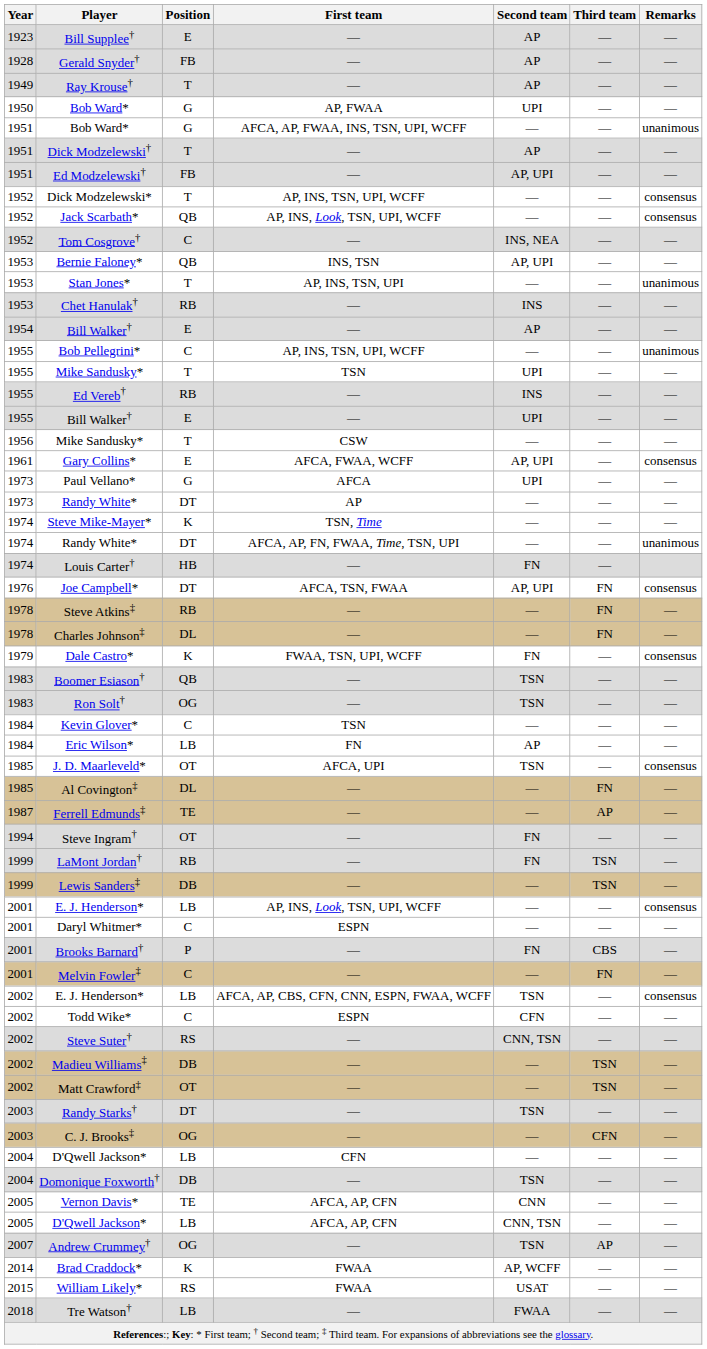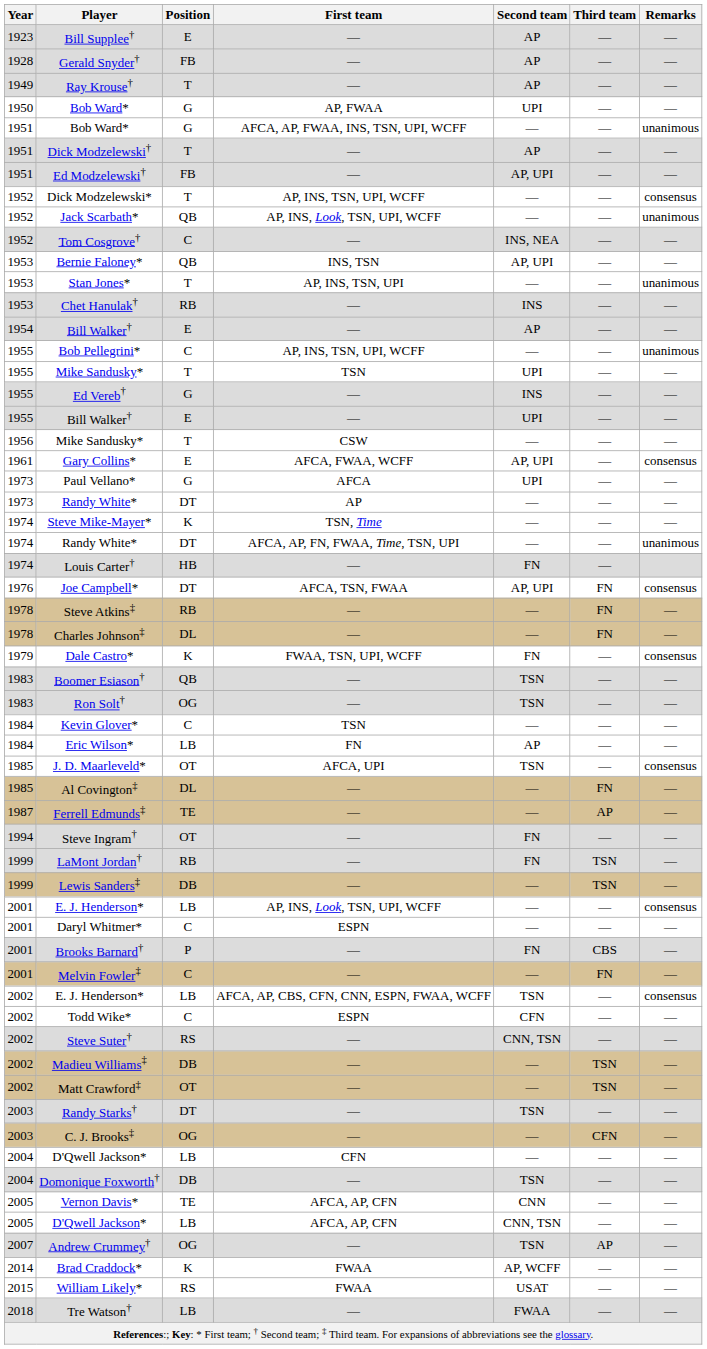 <table class="wikitable" style="text-align:center;">
 <tr>
 <th>Year</th>
 <th>Player</th>
 <th>Position</th>
 <th>First team</th>
 <th>Second team</th>
 <th>Third team</th>
 <th>Remarks</th>
 </tr>
 <tr style="background: #dcdcdc;">
 <td>1923</td>
 <td><a href='#'>Bill Supplee</a><sup>†</sup></td>
 <td>E</td>
 <td>—</td>
 <td>AP</td>
 <td>—</td>
 <td>—</td>
 </tr>
 <tr style="background: #dcdcdc;">
 <td>1928</td>
 <td><a href='#'>Gerald Snyder</a><sup>†</sup></td>
 <td>FB</td>
 <td>—</td>
 <td>AP</td>
 <td>—</td>
 <td>—</td>
 </tr>
 <tr style="background: #dcdcdc;">
 <td>1949</td>
 <td><a href='#'>Ray Krouse</a><sup>†</sup></td>
 <td>T</td>
 <td>—</td>
 <td>AP</td>
 <td>—</td>
 <td>—</td>
 </tr>
 <tr style="background: #ffffff;">
 <td>1950</td>
 <td><a href='#'>Bob Ward</a>*</td>
 <td>G</td>
 <td>AP, FWAA</td>
 <td>UPI</td>
 <td>—</td>
 <td>—</td>
 </tr>
 <tr style="background: #ffffff;">
 <td>1951</td>
 <td>Bob Ward*</td>
 <td>G</td>
 <td>AFCA, AP, FWAA, INS, TSN, UPI, WCFF</td>
 <td>—</td>
 <td>—</td>
 <td>unanimous</td>
 </tr>
 <tr style="background: #dcdcdc;">
 <td>1951</td>
 <td><a href='#'>Dick Modzelewski</a><sup>†</sup></td>
 <td>T</td>
 <td>—</td>
 <td>AP</td>
 <td>—</td>
 <td>—</td>
 </tr>
 <tr style="background: #dcdcdc;">
 <td>1951</td>
 <td><a href='#'>Ed Modzelewski</a><sup>†</sup></td>
 <td>FB</td>
 <td>—</td>
 <td>AP, UPI</td>
 <td>—</td>
 <td>—</td>
 </tr>
 <tr style="background: #ffffff;">
 <td>1952</td>
 <td>Dick Modzelewski*</td>
 <td>T</td>
 <td>AP, INS, TSN, UPI, WCFF</td>
 <td>—</td>
 <td>—</td>
 <td>consensus</td>
 </tr>
 <tr style="background: #ffffff;">
 <td>1952</td>
 <td><a href='#'>Jack Scarbath</a>*</td>
 <td>QB</td>
 <td>AP, INS, <em><a href='#'>Look</a></em>, TSN, UPI, WCFF </td>
 <td>—</td>
 <td>—</td>
-<td>consensus</td>
+<td>unanimous</td>
 </tr>
 <tr style="background: #dcdcdc;">
 <td>1952</td>
 <td><a href='#'>Tom Cosgrove</a><sup>†</sup></td>
 <td>C</td>
 <td>—</td>
 <td>INS, NEA</td>
 <td>—</td>
 <td>—</td>
 </tr>
 <tr style="background: #ffffff;">
 <td>1953</td>
 <td><a href='#'>Bernie Faloney</a>*</td>
 <td>QB</td>
 <td>INS, TSN</td>
 <td>AP, UPI</td>
 <td>—</td>
 <td>—</td>
 </tr>
 <tr style="background: #ffffff;">
 <td>1953</td>
 <td><a href='#'>Stan Jones</a>*</td>
 <td>T</td>
 <td>AP, INS, TSN, UPI</td>
 <td>—</td>
 <td>—</td>
 <td>unanimous</td>
 </tr>
 <tr style="background: #dcdcdc;">
 <td>1953</td>
 <td><a href='#'>Chet Hanulak</a><sup>†</sup></td>
 <td>RB</td>
 <td>—</td>
 <td>INS</td>
 <td>—</td>
 <td>—</td>
 </tr>
 <tr style="background: #dcdcdc;">
 <td>1954</td>
 <td><a href='#'>Bill Walker</a><sup>†</sup></td>
 <td>E</td>
 <td>—</td>
 <td>AP</td>
 <td>—</td>
 <td>—</td>
 </tr>
 <tr style="background: #ffffff;">
 <td>1955</td>
 <td><a href='#'>Bob Pellegrini</a>*</td>
 <td>C</td>
 <td>AP, INS, TSN, UPI, WCFF</td>
 <td>—</td>
 <td>—</td>
 <td>unanimous</td>
 </tr>
 <tr style="background: #ffffff;">
 <td>1955</td>
 <td><a href='#'>Mike Sandusky</a>*</td>
 <td>T</td>
 <td>TSN</td>
 <td>UPI</td>
 <td>—</td>
 <td>—</td>
 </tr>
 <tr style="background: #dcdcdc;">
 <td>1955</td>
 <td><a href='#'>Ed Vereb</a><sup>†</sup></td>
-<td>RB</td>
+<td>G</td>
 <td>—</td>
 <td>INS</td>
 <td>—</td>
 <td>—</td>
 </tr>
 <tr style="background: #dcdcdc;">
 <td>1955</td>
 <td>Bill Walker<sup>†</sup></td>
 <td>E</td>
 <td>—</td>
 <td>UPI</td>
 <td>—</td>
 <td>—</td>
 </tr>
 <tr style="background: #ffffff;">
 <td>1956</td>
 <td>Mike Sandusky*</td>
 <td>T</td>
 <td>CSW</td>
 <td>—</td>
 <td>—</td>
 <td>—</td>
 </tr>
 <tr style="background: #ffffff;">
 <td>1961</td>
 <td><a href='#'>Gary Collins</a>*</td>
 <td>E</td>
 <td>AFCA, FWAA, WCFF</td>
 <td>AP, UPI</td>
 <td>—</td>
 <td>consensus</td>
 </tr>
 <tr style="background: #ffffff;">
 <td>1973</td>
 <td>Paul Vellano*</td>
 <td>G</td>
 <td>AFCA</td>
 <td>UPI</td>
 <td>—</td>
 <td>—</td>
 </tr>
 <tr style="background: #ffffff;">
 <td>1973</td>
 <td><a href='#'>Randy White</a>*</td>
 <td>DT</td>
 <td>AP</td>
 <td>—</td>
 <td>—</td>
 <td>—</td>
 </tr>
 <tr style="background: #ffffff;">
 <td>1974</td>
 <td><a href='#'>Steve Mike-Mayer</a>*</td>
 <td>K</td>
 <td>TSN, <em><a href='#'>Time</a></em></td>
 <td>—</td>
 <td>—</td>
 <td>—</td>
 </tr>
 <tr style="background: #ffffff;">
 <td>1974</td>
 <td>Randy White*</td>
 <td>DT</td>
 <td>AFCA, AP, FN, FWAA, <em>Time</em>, TSN, UPI</td>
 <td>—</td>
 <td>—</td>
 <td>unanimous</td>
 </tr>
 <tr style="background: #dcdcdc;">
 <td>1974</td>
 <td>Louis Carter<sup>†</sup></td>
 <td>HB</td>
 <td>—</td>
 <td>FN</td>
 <td>—</td>
 <td></td>
 </tr>
 <tr style="background: #ffffff;">
 <td>1976</td>
 <td><a href='#'>Joe Campbell</a>*</td>
 <td>DT</td>
 <td>AFCA, TSN, FWAA</td>
 <td>AP, UPI</td>
 <td>FN</td>
 <td>consensus</td>
 </tr>
 <tr style="background: #d7c297;">
 <td>1978</td>
 <td>Steve Atkins<sup>‡</sup></td>
 <td>RB</td>
 <td>—</td>
 <td>—</td>
 <td>FN</td>
 <td>—</td>
 </tr>
 <tr style="background: #d7c297;">
 <td>1978</td>
 <td>Charles Johnson<sup>‡</sup></td>
 <td>DL</td>
 <td>—</td>
 <td>—</td>
 <td>FN</td>
 <td>—</td>
 </tr>
 <tr style="background: #ffffff;">
 <td>1979</td>
 <td><a href='#'>Dale Castro</a>*</td>
 <td>K</td>
 <td>FWAA, TSN, UPI, WCFF</td>
 <td>FN</td>
 <td>—</td>
 <td>consensus</td>
 </tr>
 <tr style="background: #dcdcdc;">
 <td>1983</td>
 <td><a href='#'>Boomer Esiason</a><sup>†</sup></td>
 <td>QB</td>
 <td>—</td>
 <td>TSN</td>
 <td>—</td>
 <td>—</td>
 </tr>
 <tr style="background: #dcdcdc;">
 <td>1983</td>
 <td><a href='#'>Ron Solt</a><sup>†</sup></td>
 <td>OG</td>
 <td>—</td>
 <td>TSN</td>
 <td>—</td>
 <td>—</td>
 </tr>
 <tr style="background: #ffffff;">
 <td>1984</td>
 <td><a href='#'>Kevin Glover</a>*</td>
 <td>C</td>
 <td>TSN</td>
 <td>—</td>
 <td>—</td>
 <td>—</td>
 </tr>
 <tr style="background: #ffffff;">
 <td>1984</td>
 <td><a href='#'>Eric Wilson</a>*</td>
 <td>LB</td>
 <td>FN</td>
 <td>AP</td>
 <td>—</td>
 <td>—</td>
 </tr>
 <tr style="background: #ffffff;">
 <td>1985</td>
 <td><a href='#'>J. D. Maarleveld</a>*</td>
 <td>OT</td>
 <td>AFCA, UPI</td>
 <td>TSN</td>
 <td>—</td>
 <td>consensus</td>
 </tr>
 <tr style="background: #d7c297;">
 <td>1985</td>
 <td>Al Covington<sup>‡</sup></td>
 <td>DL</td>
 <td>—</td>
 <td>—</td>
 <td>FN</td>
 <td>—</td>
 </tr>
 <tr style="background: #d7c297;">
 <td>1987</td>
 <td><a href='#'>Ferrell Edmunds</a><sup>‡</sup></td>
 <td>TE</td>
 <td>—</td>
 <td>—</td>
 <td>AP</td>
 <td>—</td>
 </tr>
 <tr style="background: #dcdcdc;">
 <td>1994</td>
 <td>Steve Ingram<sup>†</sup></td>
 <td>OT</td>
 <td>—</td>
 <td>FN</td>
 <td>—</td>
 <td>—</td>
 </tr>
 <tr style="background: #dcdcdc;">
 <td>1999</td>
 <td><a href='#'>LaMont Jordan</a><sup>†</sup></td>
 <td>RB</td>
 <td>—</td>
 <td>FN</td>
 <td>TSN</td>
 <td>—</td>
 </tr>
 <tr style="background: #d7c297;">
 <td>1999</td>
 <td><a href='#'>Lewis Sanders</a><sup>‡</sup></td>
 <td>DB</td>
 <td>—</td>
 <td>—</td>
 <td>TSN</td>
 <td>—</td>
 </tr>
 <tr style="background: #ffffff;">
 <td>2001</td>
 <td><a href='#'>E. J. Henderson</a>*</td>
 <td>LB</td>
 <td>AP, INS, <em><a href='#'>Look</a></em>, TSN, UPI, WCFF </td>
 <td>—</td>
 <td>—</td>
 <td>consensus</td>
 </tr>
 <tr style="background: #ffffff;">
 <td>2001</td>
 <td>Daryl Whitmer*</td>
 <td>C</td>
 <td>ESPN</td>
 <td>—</td>
 <td>—</td>
 <td>—</td>
 </tr>
 <tr style="background: #dcdcdc;">
 <td>2001</td>
 <td><a href='#'>Brooks Barnard</a><sup>†</sup></td>
 <td>P</td>
 <td>—</td>
 <td>FN</td>
 <td>CBS</td>
 <td>—</td>
 </tr>
 <tr style="background: #d7c297;">
 <td>2001</td>
 <td><a href='#'>Melvin Fowler</a><sup>‡</sup></td>
 <td>C</td>
 <td>—</td>
 <td>—</td>
 <td>FN</td>
 <td>—</td>
 </tr>
 <tr style="background: #ffffff;">
 <td>2002</td>
 <td>E. J. Henderson*</td>
 <td>LB</td>
 <td>AFCA, AP, CBS, CFN, CNN, ESPN, FWAA, WCFF</td>
 <td>TSN</td>
 <td>—</td>
 <td>consensus</td>
 </tr>
 <tr style="background: #ffffff;">
 <td>2002</td>
 <td>Todd Wike*</td>
 <td>C</td>
 <td>ESPN</td>
 <td>CFN</td>
 <td>—</td>
 <td>—</td>
 </tr>
 <tr style="background: #dcdcdc;">
 <td>2002</td>
 <td><a href='#'>Steve Suter</a><sup>†</sup></td>
 <td>RS</td>
 <td>—</td>
 <td>CNN, TSN</td>
 <td>—</td>
 <td>—</td>
 </tr>
 <tr style="background: #d7c297;">
 <td>2002</td>
 <td><a href='#'>Madieu Williams</a><sup>‡</sup></td>
 <td>DB</td>
 <td>—</td>
 <td>—</td>
 <td>TSN</td>
 <td>—</td>
 </tr>
 <tr style="background: #d7c297;">
 <td>2002</td>
 <td>Matt Crawford<sup>‡</sup></td>
 <td>OT</td>
 <td>—</td>
 <td>—</td>
 <td>TSN</td>
 <td>—</td>
 </tr>
 <tr style="background: #dcdcdc;">
 <td>2003</td>
 <td><a href='#'>Randy Starks</a><sup>†</sup></td>
 <td>DT</td>
 <td>—</td>
 <td>TSN</td>
 <td>—</td>
 <td>—</td>
 </tr>
 <tr style="background: #d7c297;">
 <td>2003</td>
 <td>C. J. Brooks<sup>‡</sup></td>
 <td>OG</td>
 <td>—</td>
 <td>—</td>
 <td>CFN</td>
 <td>—</td>
 </tr>
 <tr style="background: #ffffff;">
 <td>2004</td>
 <td>D'Qwell Jackson*</td>
 <td>LB</td>
 <td>CFN</td>
 <td>—</td>
 <td>—</td>
 <td>—</td>
 </tr>
 <tr style="background: #dcdcdc;">
 <td>2004</td>
 <td><a href='#'>Domonique Foxworth</a><sup>†</sup></td>
 <td>DB</td>
 <td>—</td>
 <td>TSN</td>
 <td>—</td>
 <td>—</td>
 </tr>
 <tr style="background: #ffffff;">
 <td>2005</td>
 <td><a href='#'>Vernon Davis</a>*</td>
 <td>TE</td>
 <td>AFCA, AP, CFN</td>
 <td>CNN</td>
 <td>—</td>
 <td>—</td>
 </tr>
 <tr style="background: #ffffff;">
 <td>2005</td>
 <td><a href='#'>D'Qwell Jackson</a>*</td>
 <td>LB</td>
 <td>AFCA, AP, CFN</td>
 <td>CNN, TSN</td>
 <td>—</td>
 <td>—</td>
 </tr>
 <tr style="background: #dcdcdc;">
 <td>2007</td>
 <td><a href='#'>Andrew Crummey</a><sup>†</sup></td>
 <td>OG</td>
 <td>—</td>
 <td>TSN</td>
 <td>AP</td>
 <td>—</td>
 </tr>
 <tr style="background: #ffffff;">
 <td>2014</td>
 <td><a href='#'>Brad Craddock</a>*</td>
 <td>K</td>
 <td>FWAA</td>
 <td>AP, WCFF</td>
 <td>—</td>
 <td>—</td>
 </tr>
 <tr style="background: #ffffff;">
 <td>2015</td>
 <td><a href='#'>William Likely</a>*</td>
 <td>RS</td>
 <td>FWAA</td>
 <td>USAT</td>
 <td>—</td>
 <td>—</td>
 </tr>
 <tr style="background: #dcdcdc;">
 <td>2018</td>
 <td>Tre Watson<sup>†</sup></td>
 <td>LB</td>
 <td align=center>—</td>
 <td>FWAA</td>
 <td align=center>—</td>
 <td align="center">—</td>
 </tr>
 <tr align=center style=background:#f2f2f2>
 <td colspan=7><small><strong>References</strong>:; <strong>Key</strong>:  * First team;  <sup>†</sup> Second team;  <sup>‡</sup> Third team. For expansions of abbreviations see the <a href='#'>glossary</a>.</small></td>
 </tr>
 </table>
